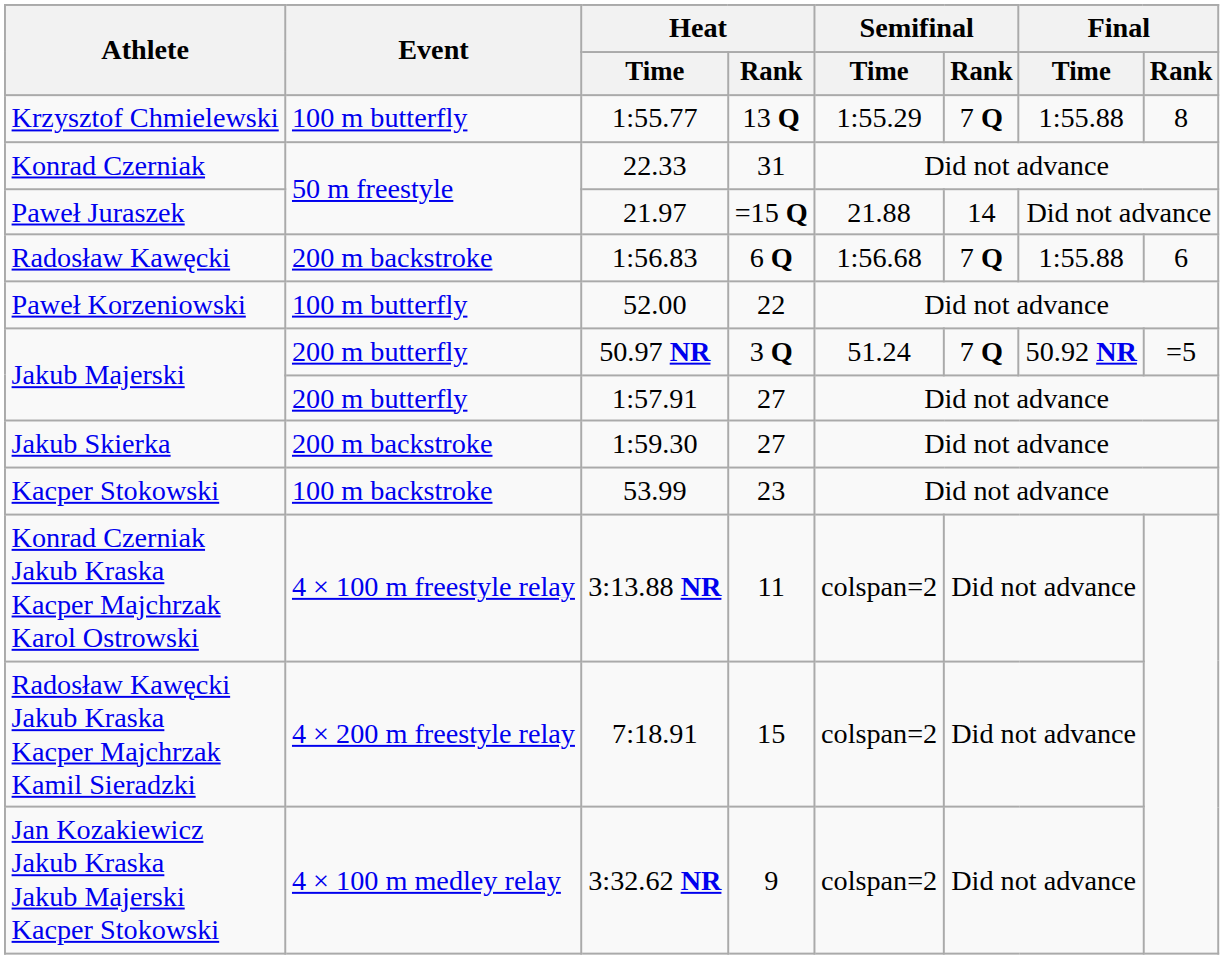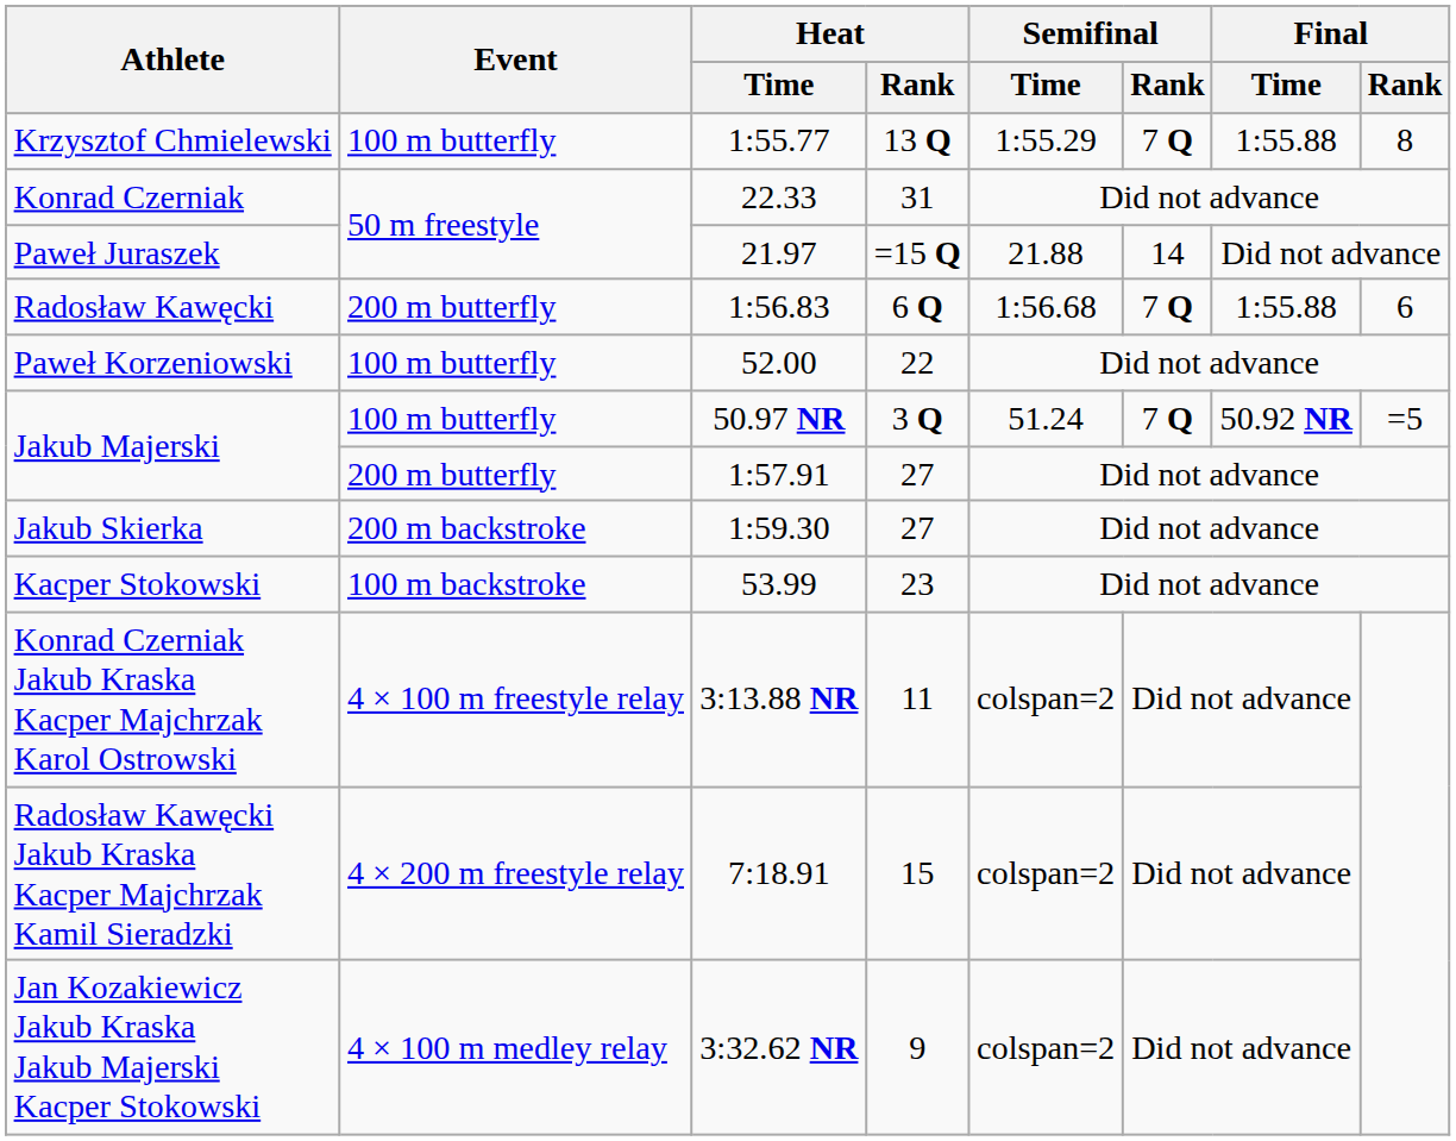 <table class="wikitable" style="text-align:center; font-size:90%">
 <tr>
 <th rowspan=2>Athlete</th>
 <th rowspan=2>Event</th>
 <th colspan=2>Heat</th>
 <th colspan=2>Semifinal</th>
 <th colspan=2>Final</th>
 </tr>
 <tr style="font-size:95%">
 <th>Time</th>
 <th>Rank</th>
 <th>Time</th>
 <th>Rank</th>
 <th>Time</th>
 <th>Rank</th>
 </tr>
 <tr>
 <td align=left><a href='#'>Krzysztof Chmielewski</a></td>
 <td align=left><a href='#'>100 m butterfly</a></td>
 <td>1:55.77</td>
 <td>13 <strong>Q</strong></td>
 <td>1:55.29</td>
 <td>7 <strong>Q</strong></td>
 <td>1:55.88</td>
 <td>8</td>
 </tr>
 <tr>
 <td align=left><a href='#'>Konrad Czerniak</a></td>
 <td align=left rowspan=2><a href='#'>50 m freestyle</a></td>
 <td>22.33</td>
 <td>31</td>
 <td colspan=4>Did not advance</td>
 </tr>
 <tr>
 <td align=left><a href='#'>Paweł Juraszek</a></td>
 <td>21.97</td>
 <td>=15 <strong>Q</strong></td>
 <td>21.88</td>
 <td>14</td>
 <td colspan=2>Did not advance</td>
 </tr>
 <tr>
 <td align=left><a href='#'>Radosław Kawęcki</a></td>
-<td align=left><a href='#'>200 m backstroke</a></td>
+<td align=left><a href='#'>200 m butterfly</a></td>
 <td>1:56.83</td>
 <td>6 <strong>Q</strong></td>
 <td>1:56.68</td>
 <td>7 <strong>Q</strong></td>
 <td>1:55.88</td>
 <td>6</td>
 </tr>
 <tr>
 <td align=left><a href='#'>Paweł Korzeniowski</a></td>
 <td align=left><a href='#'>100 m butterfly</a></td>
 <td>52.00</td>
 <td>22</td>
 <td colspan=4>Did not advance</td>
 </tr>
 <tr>
 <td align=left rowspan=2><a href='#'>Jakub Majerski</a></td>
-<td align=left><a href='#'>200 m butterfly</a></td>
+<td align=left><a href='#'>100 m butterfly</a></td>
 <td>50.97 <strong><a href='#'>NR</a></strong></td>
 <td>3 <strong>Q</strong></td>
 <td>51.24</td>
 <td>7 <strong>Q</strong></td>
 <td>50.92 <strong><a href='#'>NR</a></strong></td>
 <td>=5</td>
 </tr>
 <tr>
 <td align=left><a href='#'>200 m butterfly</a></td>
 <td>1:57.91</td>
 <td>27</td>
 <td colspan=4>Did not advance</td>
 </tr>
 <tr>
 <td align=left><a href='#'>Jakub Skierka</a></td>
 <td align=left><a href='#'>200 m backstroke</a></td>
 <td>1:59.30</td>
 <td>27</td>
 <td colspan=4>Did not advance</td>
 </tr>
 <tr>
 <td align=left><a href='#'>Kacper Stokowski</a></td>
 <td align=left><a href='#'>100 m backstroke</a></td>
 <td>53.99</td>
 <td>23</td>
 <td colspan=4>Did not advance</td>
 </tr>
 <tr>
 <td align=left><a href='#'>Konrad Czerniak</a><br><a href='#'>Jakub Kraska</a><br><a href='#'>Kacper Majchrzak</a><br><a href='#'>Karol Ostrowski</a></td>
 <td align=left><a href='#'>4 × 100 m freestyle relay</a></td>
 <td>3:13.88 <strong><a href='#'>NR</a></strong></td>
 <td>11</td>
 <td>colspan=2 </td>
 <td colspan=2>Did not advance</td>
 </tr>
 <tr>
 <td align=left><a href='#'>Radosław Kawęcki</a><br><a href='#'>Jakub Kraska</a><br><a href='#'>Kacper Majchrzak</a><br><a href='#'>Kamil Sieradzki</a></td>
 <td align=left><a href='#'>4 × 200 m freestyle relay</a></td>
 <td>7:18.91</td>
 <td>15</td>
 <td>colspan=2 </td>
 <td colspan=2>Did not advance</td>
 </tr>
 <tr>
 <td align=left><a href='#'>Jan Kozakiewicz</a><br><a href='#'>Jakub Kraska</a><br><a href='#'>Jakub Majerski</a><br><a href='#'>Kacper Stokowski</a></td>
 <td align=left><a href='#'>4 × 100 m medley relay</a></td>
 <td>3:32.62 <strong><a href='#'>NR</a></strong></td>
 <td>9</td>
 <td>colspan=2 </td>
 <td colspan=2>Did not advance</td>
 </tr>
 </table>
